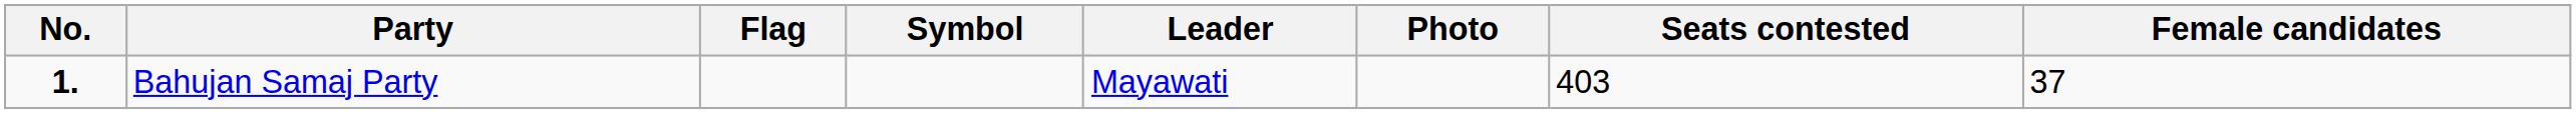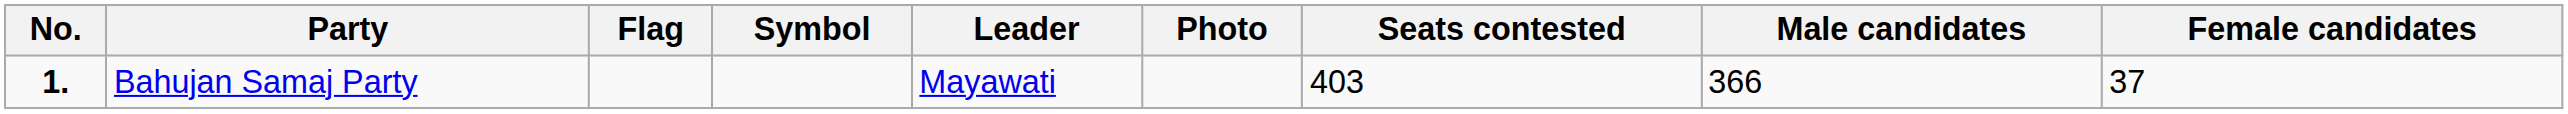 <table class="wikitable" style="width:80%">
 <tr>
 <th>No.</th>
 <th>Party</th>
 <th>Flag</th>
 <th>Symbol</th>
 <th>Leader</th>
 <th>Photo</th>
 <th>Seats contested</th>
+<th>Male candidates</th>
 <th>Female candidates</th>
 </tr>
 <tr>
 <td ! style="text-align:center; background:"><strong>1.</strong></td>
 <td><a href='#'>Bahujan Samaj Party</a></td>
 <td></td>
 <td></td>
 <td><a href='#'>Mayawati</a></td>
 <td></td>
 <td>403</td>
+<td>366</td>
 <td>37</td>
 </tr>
 </table>
